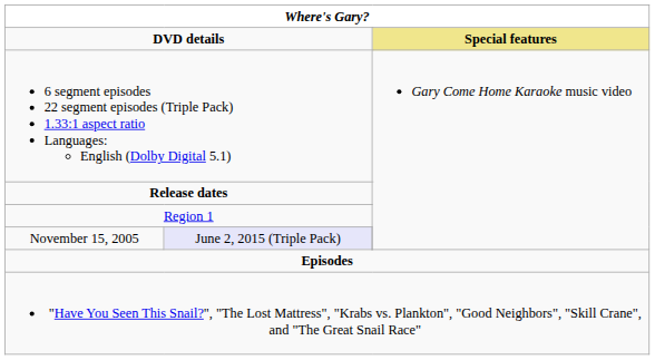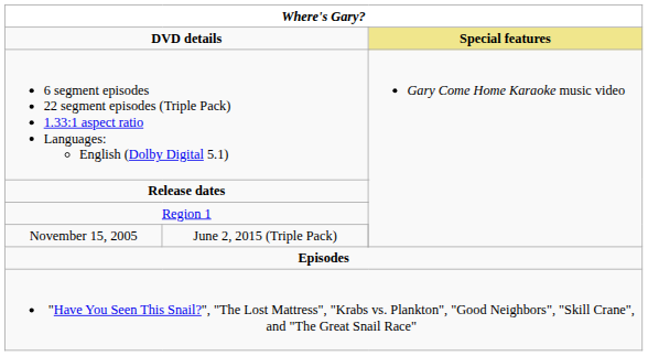 <table class="wikitable" style="font-size: 95%;">
 <tr style="background:#FFF; color:#000;">
 <td colspan="4" align="center"><strong><em>Where's Gary?</em></strong></td>
 </tr>
 <tr valign="top">
 <td style="text-align:center; width:400px;" colspan="3"><strong>DVD details</strong></td>
 <td style="background: khaki; width:300px; text-align:center;"><strong>Special features</strong></td>
 </tr>
 <tr valign="top">
 <td colspan="3" style="text-align:left; width:400px;"><br><ul><li>6 segment episodes</li><li>22 segment episodes (Triple Pack)</li><li><a href='#'>1.33:1 aspect ratio</a></li><li>Languages:<ul><li>English (<a href='#'>Dolby Digital</a> 5.1)</li></ul></li></ul></td>
 <td rowspan="4" style="text-align:left; width:300px;"><br><ul><li><em>Gary Come Home Karaoke</em> music video</li></ul></td>
 </tr>
 <tr>
 <td colspan="3" style="text-align:center;"><strong>Release dates</strong></td>
 </tr>
 <tr>
 <td colspan="3" style="text-align:center;"><a href='#'>Region 1</a></td>
 </tr>
 <tr style="text-align:center;">
 <td>November 15, 2005</td>
-<td style="background: lavender;">June 2, 2015 (Triple Pack)</td>
+<td>June 2, 2015 (Triple Pack)</td>
 </tr>
 <tr>
 <td style="text-align:center; width:400px;" colspan="4"><strong>Episodes</strong></td>
 </tr>
 <tr>
 <td style="text-align:center; width:400px;" colspan="4"><br><ul><li>"<a href='#'>Have You Seen This Snail?</a>", "The Lost Mattress", "Krabs vs. Plankton", "Good Neighbors", "Skill Crane", and "The Great Snail Race"</li></ul></td>
 </tr>
 </table>
